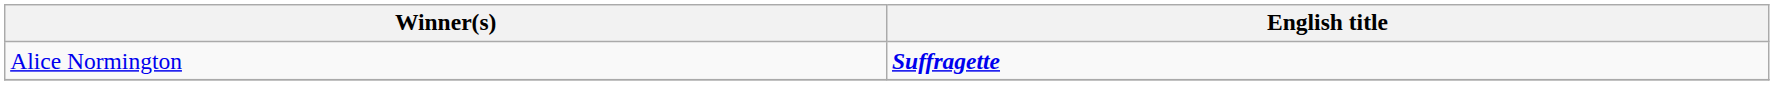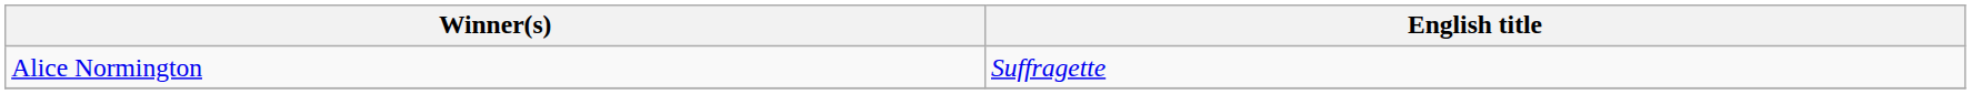 <table class="wikitable" width="95%" cellpadding="5">
 <tr>
 <th width="18%">Winner(s)</th>
 <th width="18%">English title</th>
 </tr>
 <tr>
 <td> <a href='#'>Alice Normington</a></td>
-<td><strong><em><a href='#'>Suffragette</a></em></strong></td>
+<td><em><a href='#'>Suffragette</a></em></td>
 </tr>
 <tr>
 </tr>
 </table>
